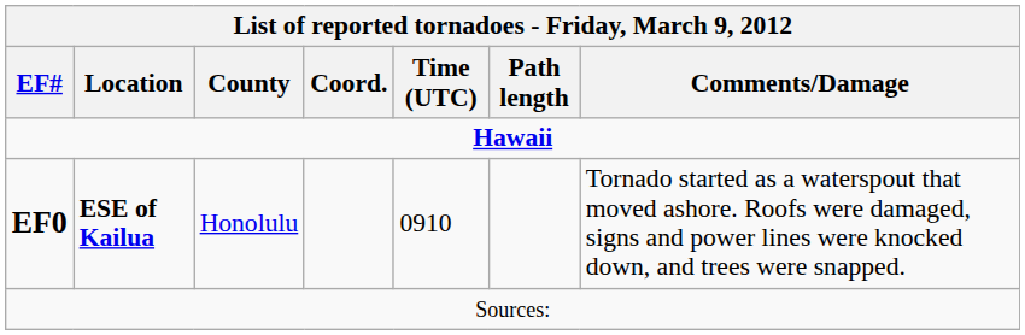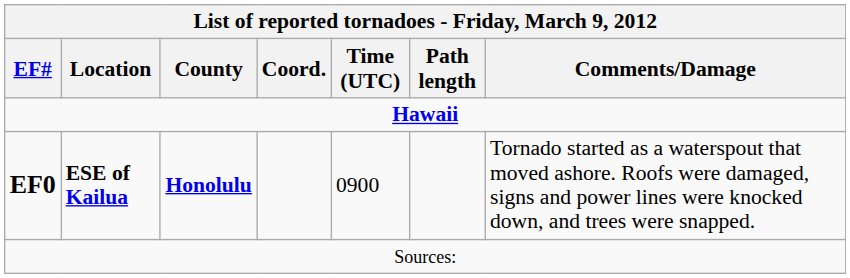 <table class="wikitable collapsible" width="100%">
 <tr>
 <th colspan="7">List of reported tornadoes - Friday, March 9, 2012</th>
 </tr>
 <tr>
 <th><a href='#'>EF#</a></th>
 <th>Location</th>
 <th>County</th>
 <th>Coord.</th>
 <th>Time (UTC)</th>
 <th>Path length</th>
 <th>Comments/Damage</th>
 </tr>
 <tr>
 <td colspan="7" align=center><strong><a href='#'>Hawaii</a></strong></td>
 </tr>
 <tr>
 <td><big><strong>EF0</strong></big></td>
 <td><strong>ESE of <a href='#'>Kailua</a></strong></td>
-<td><a href='#'>Honolulu</a></td>
+<td><strong><a href='#'>Honolulu</a></strong></td>
 <td></td>
-<td>0910</td>
+<td>0900</td>
 <td></td>
 <td>Tornado started as a waterspout that moved ashore. Roofs were damaged, signs and power lines were knocked down, and trees were snapped.</td>
 </tr>
 <tr>
 <td colspan="7" align=center><small>Sources: </small></td>
 </tr>
 </table>
